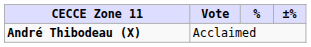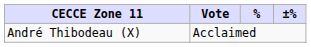 <table class="wikitable">
 <tr>
 <th style="background:#DDDDFF" width="200px">CECCE Zone 11</th>
 <th style="background:#DDDDFF" width="50px">Vote</th>
 <th style="background:#DDDDFF" width="30px">%</th>
 <th style="background:#DDDDFF" width="30px">±%</th>
 </tr>
 <tr>
-<td><strong>André Thibodeau (X)</strong></td>
+<td>André Thibodeau (X)</td>
 <td colspan="3">Acclaimed</td>
 </tr>
 </table>
